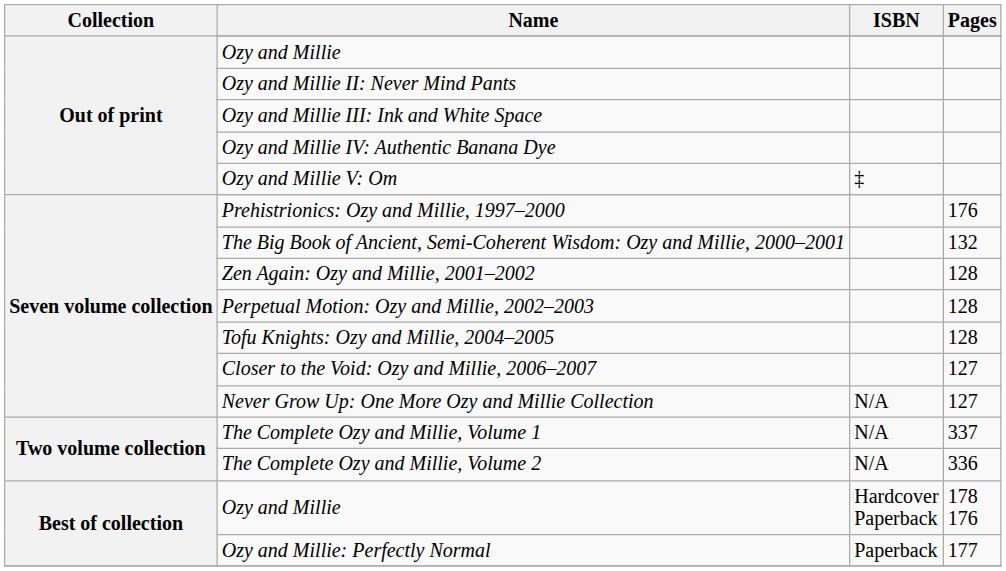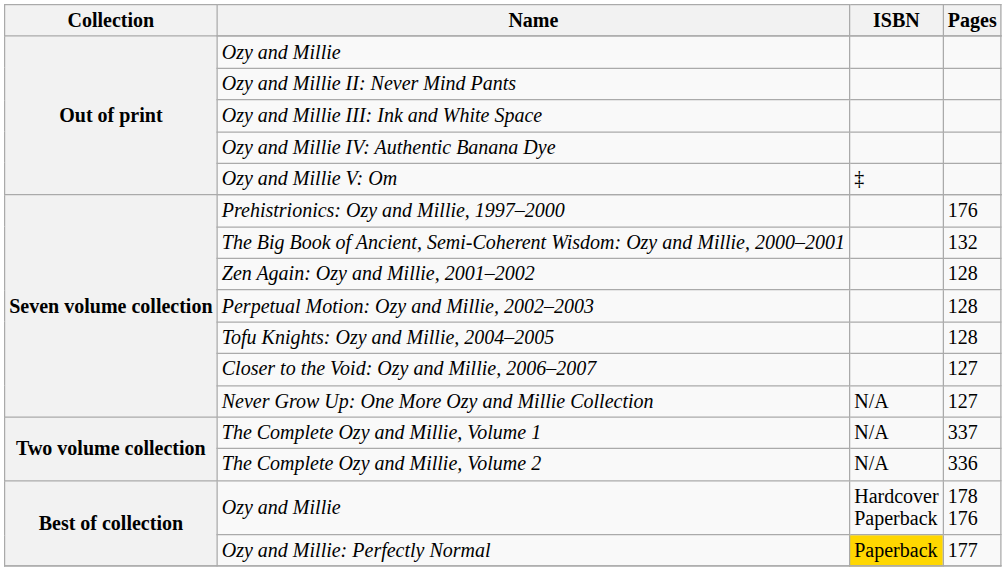 <table class="wikitable">
 <tr>
 <th>Collection</th>
 <th>Name</th>
 <th>ISBN</th>
 <th>Pages</th>
 </tr>
 <tr>
 <th rowspan="6">Out of print</th>
 </tr>
 <tr>
 <td><em>Ozy and Millie</em></td>
 <td></td>
 <td></td>
 </tr>
 <tr>
 <td><em>Ozy and Millie II: Never Mind Pants</em></td>
 <td></td>
 <td></td>
 </tr>
 <tr>
 <td><em>Ozy and Millie III: Ink and White Space</em></td>
 <td></td>
 <td></td>
 </tr>
 <tr>
 <td><em>Ozy and Millie IV: Authentic Banana Dye</em></td>
 <td></td>
 <td></td>
 </tr>
 <tr>
 <td><em>Ozy and Millie V: Om</em></td>
 <td>‡</td>
 <td></td>
 </tr>
 <tr>
 <th rowspan="8">Seven volume collection</th>
 </tr>
 <tr>
 <td><em>Prehistrionics: Ozy and Millie, 1997–2000</em></td>
 <td></td>
 <td>176</td>
 </tr>
 <tr>
 <td><em>The Big Book of Ancient, Semi-Coherent Wisdom: Ozy and Millie, 2000–2001</em></td>
 <td></td>
 <td>132</td>
 </tr>
 <tr>
 <td><em>Zen Again: Ozy and Millie, 2001–2002</em></td>
 <td></td>
 <td>128</td>
 </tr>
 <tr>
 <td><em>Perpetual Motion: Ozy and Millie, 2002–2003</em></td>
 <td></td>
 <td>128</td>
 </tr>
 <tr>
 <td><em>Tofu Knights: Ozy and Millie, 2004–2005</em></td>
 <td></td>
 <td>128</td>
 </tr>
 <tr>
 <td><em>Closer to the Void: Ozy and Millie, 2006–2007</em></td>
 <td></td>
 <td>127</td>
 </tr>
 <tr>
 <td><em>Never Grow Up: One More Ozy and Millie Collection</em></td>
 <td>N/A</td>
 <td>127</td>
 </tr>
 <tr>
 <th rowspan="2">Two volume collection</th>
 <td><em>The Complete Ozy and Millie, Volume 1</em></td>
 <td>N/A</td>
 <td>337</td>
 </tr>
 <tr>
 <td><em>The Complete Ozy and Millie, Volume 2</em></td>
 <td>N/A</td>
 <td>336</td>
 </tr>
 <tr>
 <th rowspan="2">Best of collection</th>
 <td><em>Ozy and Millie</em></td>
 <td>Hardcover <br>Paperback </td>
 <td>178<br>176</td>
 </tr>
 <tr>
 <td><em>Ozy and Millie: Perfectly Normal</em></td>
-<td>Paperback </td>
+<td style="background: gold;">Paperback </td>
 <td>177</td>
 </tr>
 <tr>
 </tr>
 </table>
